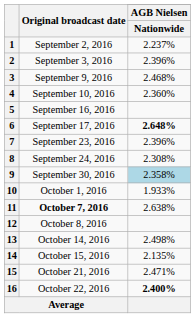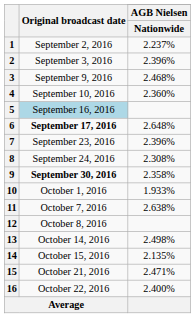 <table class="wikitable" style="text-align:center">
 <tr>
 <th rowspan="3"></th>
 <th rowspan="3">Original broadcast date</th>
 </tr>
 <tr>
 <th>AGB Nielsen</th>
 </tr>
 <tr>
 <th width="90">Nationwide</th>
 </tr>
 <tr>
 <th>1</th>
 <td>September 2, 2016</td>
 <td>2.237%</td>
 </tr>
 <tr>
 <th>2</th>
 <td>September 3, 2016</td>
 <td>2.396%</td>
 </tr>
 <tr>
 <th>3</th>
 <td>September 9, 2016</td>
 <td>2.468%</td>
 </tr>
 <tr>
 <th>4</th>
 <td>September 10, 2016</td>
 <td>2.360%</td>
 </tr>
 <tr>
 <th>5</th>
-<td>September 16, 2016</td>
+<td style="background: lightblue;">September 16, 2016</td>
 <td></td>
 </tr>
 <tr>
 <th>6</th>
-<td>September 17, 2016</td>
-<td><strong>2.648%</strong></td>
+<td><strong>September 17, 2016</strong></td>
+<td>2.648%</td>
 </tr>
 <tr>
 <th>7</th>
 <td>September 23, 2016</td>
 <td>2.396%</td>
 </tr>
 <tr>
 <th>8</th>
 <td>September 24, 2016</td>
 <td>2.308%</td>
 </tr>
 <tr>
 <th>9</th>
-<td>September 30, 2016</td>
-<td style="background: lightblue;">2.358%</td>
+<td><strong>September 30, 2016</strong></td>
+<td>2.358%</td>
 </tr>
 <tr>
 <th>10</th>
 <td>October 1, 2016</td>
 <td>1.933%</td>
 </tr>
 <tr>
 <th>11</th>
-<td><strong>October 7, 2016</strong></td>
+<td>October 7, 2016</td>
 <td>2.638%</td>
 </tr>
 <tr>
 <th>12</th>
 <td>October 8, 2016</td>
 <td></td>
 </tr>
 <tr>
 <th>13</th>
 <td>October 14, 2016</td>
 <td>2.498%</td>
 </tr>
 <tr>
 <th>14</th>
 <td>October 15, 2016</td>
 <td>2.135%</td>
 </tr>
 <tr>
 <th>15</th>
 <td>October 21, 2016</td>
 <td>2.471%</td>
 </tr>
 <tr>
 <th>16</th>
 <td>October 22, 2016</td>
-<td><strong>2.400%</strong></td>
+<td>2.400%</td>
 </tr>
 <tr>
 <th colspan="2">Average</th>
 <th></th>
 </tr>
 </table>
